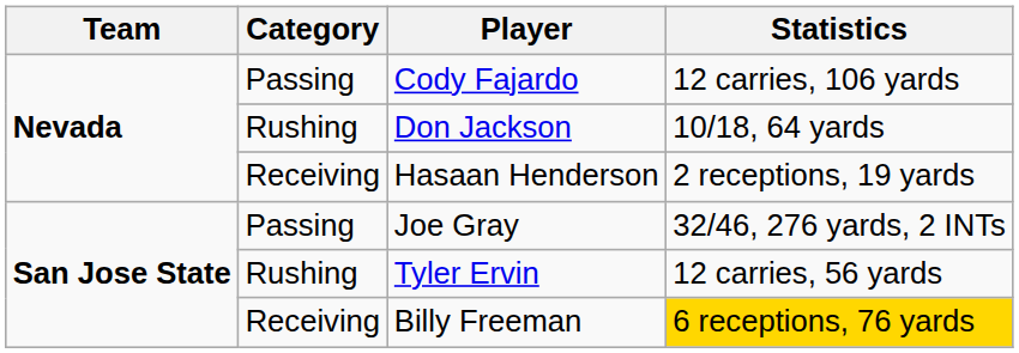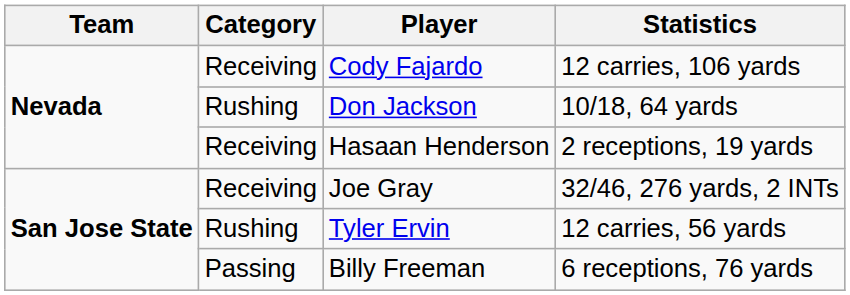 <table class="wikitable" style="float: left;">
 <tr>
 <th>Team</th>
 <th>Category</th>
 <th>Player</th>
 <th>Statistics</th>
 </tr>
 <tr>
 <td rowspan=3><strong>Nevada</strong></td>
-<td>Passing</td>
+<td>Receiving</td>
 <td><a href='#'>Cody Fajardo</a></td>
 <td>12 carries, 106 yards</td>
 </tr>
 <tr>
 <td>Rushing</td>
 <td><a href='#'>Don Jackson</a></td>
 <td>10/18, 64 yards</td>
 </tr>
 <tr>
 <td>Receiving</td>
 <td>Hasaan Henderson</td>
 <td>2 receptions, 19 yards</td>
 </tr>
 <tr>
 <td rowspan=3><strong>San Jose State</strong></td>
-<td>Passing</td>
+<td>Receiving</td>
 <td>Joe Gray</td>
 <td>32/46, 276 yards, 2 INTs</td>
 </tr>
 <tr>
 <td>Rushing</td>
 <td><a href='#'>Tyler Ervin</a></td>
 <td>12 carries, 56 yards</td>
 </tr>
 <tr>
-<td>Receiving</td>
+<td>Passing</td>
 <td>Billy Freeman</td>
-<td style="background: gold;">6 receptions, 76 yards</td>
+<td>6 receptions, 76 yards</td>
 </tr>
 </table>
